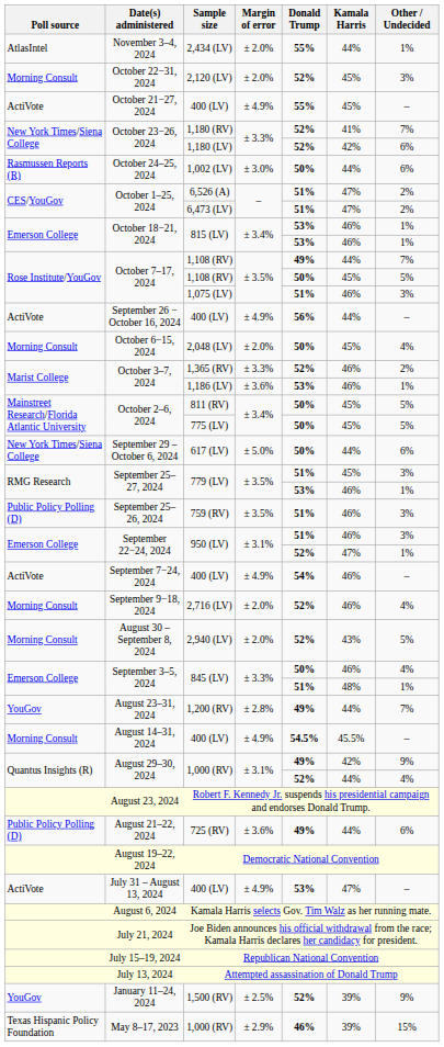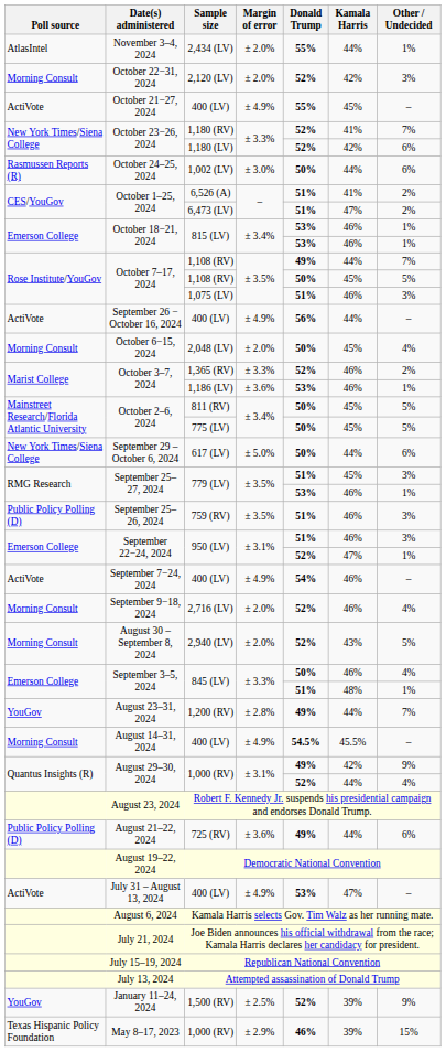 <table class="wikitable sortable mw-datatable" style="font-size:90%;text-align:center;line-height:17px">
 <tr style="vertical-align:bottom">
 <th>Poll source</th>
 <th>Date(s)<br>administered</th>
 <th>Sample<br>size</th>
 <th>Margin<br>of error</th>
 <th class="unsortable">Donald<br>Trump<br></th>
 <th class="unsortable">Kamala<br>Harris<br></th>
 <th class="unsortable">Other /<br>Undecided</th>
 </tr>
 <tr>
 <td style="text-align:left;">AtlasIntel</td>
 <td data-sort-value="2024-11-04">November 3–4, 2024</td>
 <td>2,434 (LV)</td>
 <td>± 2.0%</td>
 <td style="background-color:"><strong>55%</strong></td>
 <td>44%</td>
 <td>1%</td>
 </tr>
 <tr>
 <td style="text-align:left;"><a href='#'>Morning Consult</a></td>
 <td data-sort-value="2024-10-31">October 22−31, 2024</td>
 <td>2,120 (LV)</td>
 <td>± 2.0%</td>
 <td style="background-color:"><strong>52%</strong></td>
-<td>45%</td>
+<td>42%</td>
 <td>3%</td>
 </tr>
 <tr>
 <td style="text-align:left">ActiVote</td>
 <td data-sort-value="2024-10-27">October 21−27, 2024</td>
 <td>400 (LV)</td>
 <td>± 4.9%</td>
 <td style="background-color:"><strong>55%</strong></td>
 <td>45%</td>
 <td>–</td>
 </tr>
 <tr>
 <td style="text-align:left;" rowspan="2"><a href='#'>New York Times</a>/<a href='#'>Siena College</a></td>
 <td rowspan="2">October 23−26, 2024</td>
 <td>1,180 (RV)</td>
 <td rowspan="2">± 3.3%</td>
 <td style="background-color:"><strong>52%</strong></td>
 <td>41%</td>
 <td>7%</td>
 </tr>
 <tr>
 <td>1,180 (LV)</td>
 <td style="background-color:"><strong>52%</strong></td>
 <td>42%</td>
 <td>6%</td>
 </tr>
 <tr>
 <td style="text-align:left;"><a href='#'>Rasmussen Reports (R)</a></td>
 <td data-sort-value="2024-10-25">October 24–25, 2024</td>
 <td>1,002 (LV)</td>
 <td>± 3.0%</td>
 <td style="background-color:"><strong>50%</strong></td>
 <td>44%</td>
 <td>6%</td>
 </tr>
 <tr>
 <td style="text-align:left;" rowspan="2"><a href='#'>CES</a>/<a href='#'>YouGov</a></td>
 <td rowspan="2">October 1–25, 2024</td>
 <td>6,526 (A)</td>
 <td rowspan="2">–</td>
 <td style="background-color:"><strong>51%</strong></td>
-<td>47%</td>
+<td>41%</td>
 <td>2%</td>
 </tr>
 <tr>
 <td>6,473 (LV)</td>
 <td style="background-color:"><strong>51%</strong></td>
 <td>47%</td>
 <td>2%</td>
 </tr>
 <tr>
 <td style="text-align:left;" rowspan="2"><a href='#'>Emerson College</a></td>
 <td rowspan="2">October 18−21, 2024</td>
 <td rowspan="2">815 (LV)</td>
 <td rowspan="2">± 3.4%</td>
 <td style="background-color:"><strong>53%</strong></td>
 <td>46%</td>
 <td>1%</td>
 </tr>
 <tr>
 <td style="background-color:"><strong>53%</strong></td>
 <td>46%</td>
 <td>1%</td>
 </tr>
 <tr>
 <td style="text-align:left;" rowspan="3"><a href='#'>Rose Institute</a>/<a href='#'>YouGov</a></td>
 <td rowspan="3">October 7–17, 2024</td>
 <td>1,108 (RV)</td>
 <td rowspan="3">± 3.5%</td>
 <td style="background-color:"><strong>49%</strong></td>
 <td>44%</td>
 <td>7%</td>
 </tr>
 <tr>
 <td>1,108 (RV)</td>
 <td style="background-color:"><strong>50%</strong></td>
 <td>45%</td>
 <td>5%</td>
 </tr>
 <tr>
 <td>1,075 (LV)</td>
 <td style="background-color:"><strong>51%</strong></td>
 <td>46%</td>
 <td>3%</td>
 </tr>
 <tr>
 <td style="text-align:left">ActiVote</td>
 <td data-sort-value="2024-10-16">September 26 − October 16, 2024</td>
 <td>400 (LV)</td>
 <td>± 4.9%</td>
 <td style="background-color:"><strong>56%</strong></td>
 <td>44%</td>
 <td>–</td>
 </tr>
 <tr>
 <td style="text-align:left;"><a href='#'>Morning Consult</a></td>
 <td data-sort-value="2024-10-15">October 6−15, 2024</td>
 <td>2,048 (LV)</td>
 <td>± 2.0%</td>
 <td style="background-color:"><strong>50%</strong></td>
 <td>45%</td>
 <td>4%</td>
 </tr>
 <tr>
 <td style="text-align:left;" rowspan="2"><a href='#'>Marist College</a></td>
 <td rowspan="2">October 3–7, 2024</td>
 <td>1,365 (RV)</td>
 <td>± 3.3%</td>
 <td style="background-color:"><strong>52%</strong></td>
 <td>46%</td>
 <td>2%</td>
 </tr>
 <tr>
 <td>1,186 (LV)</td>
 <td>± 3.6%</td>
 <td style="background-color:"><strong>53%</strong></td>
 <td>46%</td>
 <td>1%</td>
 </tr>
 <tr>
 <td style="text-align:left;" rowspan="2"><a href='#'>Mainstreet Research</a>/<a href='#'>Florida Atlantic University</a></td>
 <td rowspan="2">October 2–6, 2024</td>
 <td>811 (RV)</td>
 <td rowspan="2">± 3.4%</td>
 <td style="background-color:"><strong>50%</strong></td>
 <td>45%</td>
 <td>5%</td>
 </tr>
 <tr>
 <td>775 (LV)</td>
 <td style="background-color:"><strong>50%</strong></td>
 <td>45%</td>
 <td>5%</td>
 </tr>
 <tr>
 <td style="text-align:left;"><a href='#'>New York Times</a>/<a href='#'>Siena College</a></td>
 <td data-sort-value="2024-10-06">September 29 – October 6, 2024</td>
 <td>617 (LV)</td>
 <td>± 5.0%</td>
 <td style="background-color:"><strong>50%</strong></td>
 <td>44%</td>
 <td>6%</td>
 </tr>
 <tr>
 <td style="text-align:left;" rowspan="2">RMG Research</td>
 <td rowspan="2">September 25–27, 2024</td>
 <td rowspan="2">779 (LV)</td>
 <td rowspan="2">± 3.5%</td>
 <td style="background-color:"><strong>51%</strong></td>
 <td>45%</td>
 <td>3%</td>
 </tr>
 <tr>
 <td style="background-color:"><strong>53%</strong></td>
 <td>46%</td>
 <td>1%</td>
 </tr>
 <tr>
 <td style="text-align:left;"><a href='#'>Public Policy Polling (D)</a></td>
 <td data-sort-value="2024-09-25">September 25–26, 2024</td>
 <td>759 (RV)</td>
 <td>± 3.5%</td>
 <td style="background-color:"><strong>51%</strong></td>
 <td>46%</td>
 <td>3%</td>
 </tr>
 <tr>
 <td style="text-align:left;" rowspan="2"><a href='#'>Emerson College</a></td>
 <td rowspan="2">September 22−24, 2024</td>
 <td rowspan="2">950 (LV)</td>
 <td rowspan="2">± 3.1%</td>
 <td style="background-color:"><strong>51%</strong></td>
 <td>46%</td>
 <td>3%</td>
 </tr>
 <tr>
 <td style="background-color:"><strong>52%</strong></td>
 <td>47%</td>
 <td>1%</td>
 </tr>
 <tr>
 <td style="text-align:left">ActiVote</td>
 <td data-sort-value="2024-09-18">September 7−24, 2024</td>
 <td>400 (LV)</td>
 <td>± 4.9%</td>
 <td style="background-color:"><strong>54%</strong></td>
 <td>46%</td>
 <td>–</td>
 </tr>
 <tr>
 <td style="text-align:left;"><a href='#'>Morning Consult</a></td>
 <td data-sort-value="2024-09-18">September 9−18, 2024</td>
 <td>2,716 (LV)</td>
 <td>± 2.0%</td>
 <td style="background-color:"><strong>52%</strong></td>
 <td>46%</td>
 <td>4%</td>
 </tr>
 <tr>
 <td style="text-align:left;"><a href='#'>Morning Consult</a></td>
 <td data-sort-value="2024-09-08">August 30 – September 8, 2024</td>
 <td>2,940 (LV)</td>
 <td>± 2.0%</td>
 <td style="background-color:"><strong>52%</strong></td>
 <td>43%</td>
 <td>5%</td>
 </tr>
 <tr>
 <td style="text-align:left;" rowspan="2"><a href='#'>Emerson College</a></td>
 <td rowspan="2">September 3–5, 2024</td>
 <td rowspan="2">845 (LV)</td>
 <td rowspan="2">± 3.3%</td>
 <td style="background-color:"><strong>50%</strong></td>
 <td>46%</td>
 <td>4%</td>
 </tr>
 <tr>
 <td style="background-color:"><strong>51%</strong></td>
 <td>48%</td>
 <td>1%</td>
 </tr>
 <tr>
 <td style="text-align:left;"><a href='#'>YouGov</a></td>
 <td data-sort-value="2024-08-31">August 23–31, 2024</td>
 <td>1,200 (RV)</td>
 <td>± 2.8%</td>
 <td style="background-color:"><strong>49%</strong></td>
 <td>44%</td>
 <td>7%</td>
 </tr>
 <tr>
 <td style="text-align:left;"><a href='#'>Morning Consult</a></td>
 <td data-sort-value="2024-08-31">August 14–31, 2024</td>
 <td>400 (LV)</td>
 <td>± 4.9%</td>
 <td style="background-color:"><strong>54.5%</strong></td>
 <td>45.5%</td>
 <td>–</td>
 </tr>
 <tr>
 <td style="text-align:left;" rowspan="2">Quantus Insights (R)</td>
 <td rowspan="2">August 29–30, 2024</td>
 <td rowspan="2">1,000 (RV)</td>
 <td rowspan="2">± 3.1%</td>
 <td style="background-color:"><strong>49%</strong></td>
 <td>42%</td>
 <td>9%</td>
 </tr>
 <tr>
 <td style="background-color:"><strong>52%</strong></td>
 <td>44%</td>
 <td>4%</td>
 </tr>
 <tr style="background:lightyellow;">
 <td style="border-right-style:hidden;"></td>
 <td style="border-right-style:hidden; " data-sort-value="2024-08-21">August 23, 2024</td>
 <td colspan="5"><a href='#'>Robert F. Kennedy Jr.</a> suspends <a href='#'>his presidential campaign</a> and endorses Donald Trump.</td>
 </tr>
 <tr>
 <td style="text-align:left;"><a href='#'>Public Policy Polling (D)</a></td>
 <td data-sort-value="2024-08-27">August 21–22, 2024</td>
 <td>725 (RV)</td>
 <td>± 3.6%</td>
 <td style="background-color:"><strong>49%</strong></td>
 <td>44%</td>
 <td>6%</td>
 </tr>
 <tr style="background:lightyellow;">
 <td style="border-right-style:hidden;"></td>
 <td style="border-right-style:hidden; " data-sort-value="2024-08-19">August 19–22, 2024</td>
 <td colspan="5"><a href='#'>Democratic National Convention</a></td>
 </tr>
 <tr>
 <td style="text-align:left;">ActiVote</td>
 <td data-sort-value="2024-08-13">July 31 – August 13, 2024</td>
 <td>400 (LV)</td>
 <td>± 4.9%</td>
 <td style="background-color:"><strong>53%</strong></td>
 <td>47%</td>
 <td>–</td>
 </tr>
 <tr style="background:lightyellow;">
 <td style="border-right-style:hidden;"></td>
 <td style="border-right-style:hidden; " data-sort-value="2024-08-06">August 6, 2024</td>
 <td colspan="5">Kamala Harris <a href='#'>selects</a> Gov. <a href='#'>Tim Walz</a> as her running mate.</td>
 </tr>
 <tr style="background:lightyellow;">
 <td style="border-right-style:hidden; background:lightyellow;"></td>
 <td style="border-right-style:hidden; " data-sort-value="2024-07-21">July 21, 2024</td>
 <td colspan="6">Joe Biden announces <a href='#'>his official withdrawal</a> from the race; Kamala Harris declares <a href='#'>her candidacy</a> for president.</td>
 </tr>
 <tr style="background:lightyellow;">
 <td style="border-right-style:hidden;"></td>
 <td style="border-right-style:hidden; " data-sort-value="2024-07-15">July 15–19, 2024</td>
 <td colspan="5"><a href='#'>Republican National Convention</a></td>
 </tr>
 <tr style="background:lightyellow;">
 <td style="border-right-style:hidden;"></td>
 <td style="border-right-style:hidden; " data-sort-value="2024-07-13">July 13, 2024</td>
 <td colspan="5"><a href='#'>Attempted assassination of Donald Trump</a></td>
 </tr>
 <tr>
 <td style="text-align:left;"><a href='#'>YouGov</a></td>
 <td data-sort-value="2024-01-30">January 11–24, 2024</td>
 <td>1,500 (RV)</td>
 <td>± 2.5%</td>
 <td style="background-color:"><strong>52%</strong></td>
 <td>39%</td>
 <td>9%</td>
 </tr>
 <tr>
 <td style="text-align:left;">Texas Hispanic Policy Foundation</td>
 <td data-sort-value="2023-05-17">May 8–17, 2023</td>
 <td>1,000 (RV)</td>
 <td>± 2.9%</td>
 <td style="background-color:"><strong>46%</strong></td>
 <td>39%</td>
 <td>15%</td>
 </tr>
 </table>
